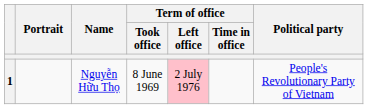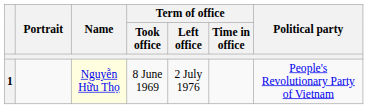 <table class="wikitable" style="text-align:center; border:1px #aaf solid; width:80%;">
 <tr>
 <th rowspan="2"></th>
 <th rowspan="2" style="width:70px;">Portrait</th>
 <th rowspan="2">Name<br></th>
 <th colspan="3">Term of office</th>
 <th rowspan="2">Political party</th>
 </tr>
 <tr>
 <th>Took office</th>
 <th>Left office</th>
 <th>Time in office</th>
 </tr>
 <tr>
 <th colspan=7></th>
 </tr>
 <tr>
 <th style="background:">1</th>
 <td></td>
-<td><a href='#'>Nguyễn Hữu Thọ</a><br></td>
+<td style="background: lightyellow;"><a href='#'>Nguyễn Hữu Thọ</a><br></td>
 <td>8 June 1969</td>
-<td style="background: pink;">2 July 1976</td>
+<td>2 July 1976</td>
 <td></td>
 <td><a href='#'>People's Revolutionary Party of Vietnam</a><br> </td>
 </tr>
 </table>
